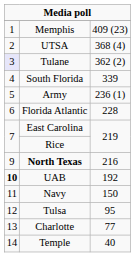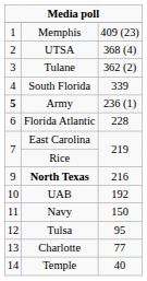 <table class="wikitable">
 <tr align="center">
 <td align="center" Colspan="3"><strong>Media poll</strong></td>
 </tr>
 <tr align="center">
 </tr>
 <tr align="center">
 <td>1</td>
 <td>Memphis</td>
 <td>409 (23)</td>
 </tr>
 <tr align="center">
 <td>2</td>
 <td>UTSA</td>
 <td>368 (4)</td>
 </tr>
 <tr align="center">
-<td style="background: lavender;">3</td>
+<td>3</td>
 <td>Tulane</td>
 <td>362 (2)</td>
 </tr>
 <tr align="center">
 <td>4</td>
 <td>South Florida</td>
 <td>339</td>
 </tr>
 <tr align="center">
-<td>5</td>
+<td><strong>5</strong></td>
 <td>Army</td>
 <td>236 (1)</td>
 </tr>
 <tr align="center">
 <td>6</td>
 <td>Florida Atlantic</td>
 <td>228</td>
 </tr>
 <tr align="center">
 <td rowspan="2">7</td>
 <td>East Carolina</td>
 <td rowspan="2">219</td>
 </tr>
 <tr align="center">
 <td>Rice</td>
 </tr>
 <tr align="center">
 <td>9</td>
 <td><strong>North Texas</strong></td>
 <td>216</td>
 </tr>
 <tr align="center">
-<td><strong>10</strong></td>
+<td>10</td>
 <td>UAB</td>
 <td>192</td>
 </tr>
 <tr align="center">
 <td>11</td>
 <td>Navy</td>
 <td>150</td>
 </tr>
 <tr align="center">
 <td>12</td>
 <td>Tulsa</td>
 <td>95</td>
 </tr>
 <tr align="center">
 <td>13</td>
 <td>Charlotte</td>
 <td>77</td>
 </tr>
 <tr align="center">
 <td>14</td>
 <td>Temple</td>
 <td>40</td>
 </tr>
 </table>
